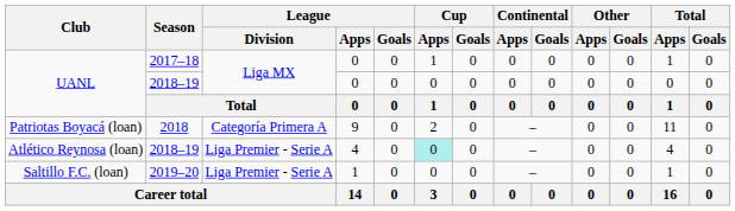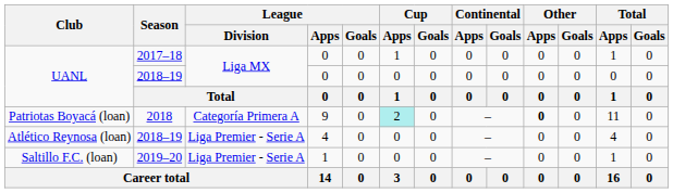 <table class="wikitable" style="text-align: center">
 <tr>
 <th rowspan="2">Club</th>
 <th rowspan="2">Season</th>
 <th colspan="3">League</th>
 <th colspan="2">Cup</th>
 <th colspan="2">Continental</th>
 <th colspan="2">Other</th>
 <th colspan="2">Total</th>
 </tr>
 <tr>
 <th>Division</th>
 <th>Apps</th>
 <th>Goals</th>
 <th>Apps</th>
 <th>Goals</th>
 <th>Apps</th>
 <th>Goals</th>
 <th>Apps</th>
 <th>Goals</th>
 <th>Apps</th>
 <th>Goals</th>
 </tr>
 <tr>
 <td rowspan="3"><a href='#'>UANL</a></td>
 <td><a href='#'>2017–18</a></td>
 <td rowspan="2"><a href='#'>Liga MX</a></td>
 <td>0</td>
 <td>0</td>
 <td>1</td>
 <td>0</td>
 <td>0</td>
 <td>0</td>
 <td>0</td>
 <td>0</td>
 <td>1</td>
 <td>0</td>
 </tr>
 <tr>
 <td><a href='#'>2018–19</a></td>
 <td>0</td>
 <td>0</td>
 <td>0</td>
 <td>0</td>
 <td>0</td>
 <td>0</td>
 <td>0</td>
 <td>0</td>
 <td>0</td>
 <td>0</td>
 </tr>
 <tr>
 <th colspan="2"><strong>Total</strong></th>
 <th>0</th>
 <th>0</th>
 <th>1</th>
 <th>0</th>
 <th>0</th>
 <th>0</th>
 <th>0</th>
 <th>0</th>
 <th>1</th>
 <th>0</th>
 </tr>
 <tr>
 <td><a href='#'>Patriotas Boyacá</a> (loan)</td>
 <td><a href='#'>2018</a></td>
 <td><a href='#'>Categoría Primera A</a></td>
 <td>9</td>
 <td>0</td>
-<td>2</td>
+<td style="background: paleturquoise;">2</td>
 <td>0</td>
 <td colspan="2">–</td>
-<td>0</td>
+<td><strong>0</strong></td>
 <td>0</td>
 <td>11</td>
 <td>0</td>
 </tr>
 <tr>
 <td><a href='#'>Atlético Reynosa</a> (loan)</td>
 <td><a href='#'>2018–19</a></td>
 <td><a href='#'>Liga Premier</a> - <a href='#'>Serie A</a></td>
 <td>4</td>
 <td>0</td>
-<td style="background: paleturquoise;">0</td>
+<td>0</td>
 <td>0</td>
 <td colspan="2">–</td>
 <td>0</td>
 <td>0</td>
 <td>4</td>
 <td>0</td>
 </tr>
 <tr>
 <td><a href='#'>Saltillo F.C.</a> (loan)</td>
 <td><a href='#'>2019–20</a></td>
 <td><a href='#'>Liga Premier</a> - <a href='#'>Serie A</a></td>
 <td>1</td>
 <td>0</td>
 <td>0</td>
 <td>0</td>
 <td colspan="2">–</td>
 <td>0</td>
 <td>0</td>
 <td>1</td>
 <td>0</td>
 </tr>
 <tr>
 <th colspan="3"><strong>Career total</strong></th>
 <th>14</th>
 <th>0</th>
 <th>3</th>
 <th>0</th>
 <th>0</th>
 <th>0</th>
 <th>0</th>
 <th>0</th>
 <th>16</th>
 <th>0</th>
 </tr>
 </table>
